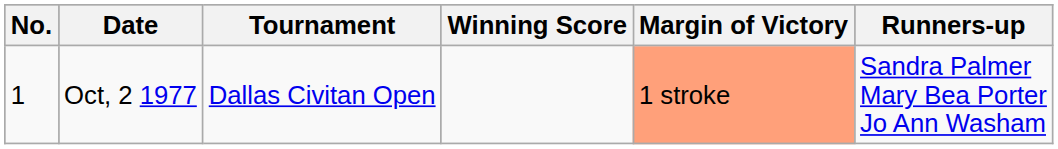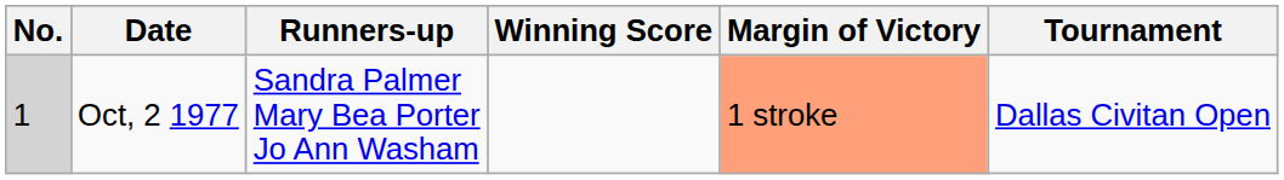 <table class="wikitable" style="font-size:95%;">
 <tr>
 <th>No.</th>
 <th>Date</th>
-<th>Tournament</th>
+<th>Runners-up</th>
 <th>Winning Score</th>
 <th>Margin of Victory</th>
-<th>Runners-up</th>
+<th>Tournament</th>
 </tr>
 <tr>
-<td>1</td>
+<td style="background: lightgrey;">1</td>
 <td>Oct, 2 <a href='#'>1977</a></td>
-<td><a href='#'>Dallas Civitan Open</a></td>
+<td> <a href='#'>Sandra Palmer</a><br> <a href='#'>Mary Bea Porter</a><br> <a href='#'>Jo Ann Washam</a></td>
 <td></td>
 <td style="background: lightsalmon;">1 stroke</td>
-<td> <a href='#'>Sandra Palmer</a><br> <a href='#'>Mary Bea Porter</a><br> <a href='#'>Jo Ann Washam</a></td>
+<td><a href='#'>Dallas Civitan Open</a></td>
 </tr>
 </table>
